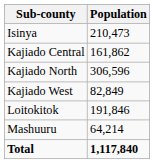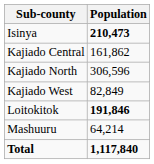 <table class="wikitable">
 <tr>
 <th>Sub-county</th>
 <th>Population</th>
 </tr>
 <tr>
 <td>Isinya</td>
-<td>210,473</td>
+<td><strong>210,473</strong></td>
 </tr>
 <tr>
 <td>Kajiado Central</td>
 <td>161,862</td>
 </tr>
 <tr>
 <td>Kajiado North</td>
 <td>306,596</td>
 </tr>
 <tr>
 <td>Kajiado West</td>
 <td>82,849</td>
 </tr>
 <tr>
 <td>Loitokitok</td>
-<td>191,846</td>
+<td><strong>191,846</strong></td>
 </tr>
 <tr>
 <td>Mashuuru</td>
 <td>64,214</td>
 </tr>
 <tr>
 <td><strong>Total</strong></td>
 <td><strong>1,117,840</strong></td>
 </tr>
 </table>
